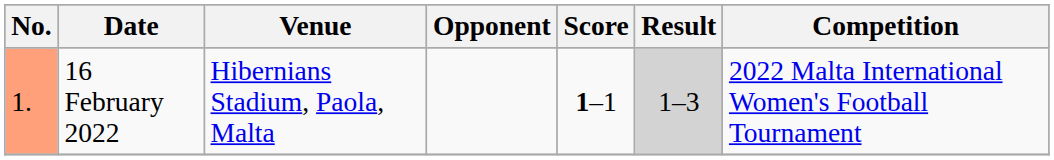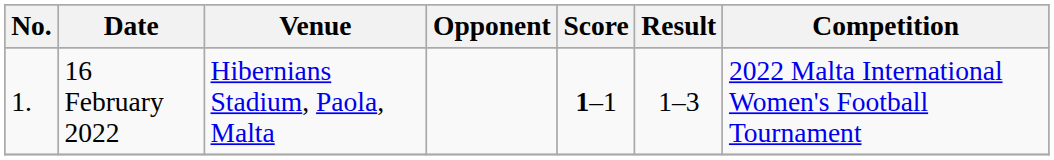 <table class="wikitable">
 <tr>
 <th>No.</th>
 <th>Date</th>
 <th>Venue</th>
 <th>Opponent</th>
 <th>Score</th>
 <th>Result</th>
 <th>Competition</th>
 </tr>
 <tr>
-<td style="background: lightsalmon;">1.</td>
+<td>1.</td>
 <td>16 February 2022</td>
 <td><a href='#'>Hibernians Stadium</a>, <a href='#'>Paola</a>, <a href='#'>Malta</a></td>
 <td></td>
 <td align=center><strong>1</strong>–1</td>
-<td align=center style="background: lightgrey;">1–3</td>
+<td align=center>1–3</td>
 <td><a href='#'>2022 Malta International Women's Football Tournament</a></td>
 </tr>
 <tr>
 </tr>
 </table>
